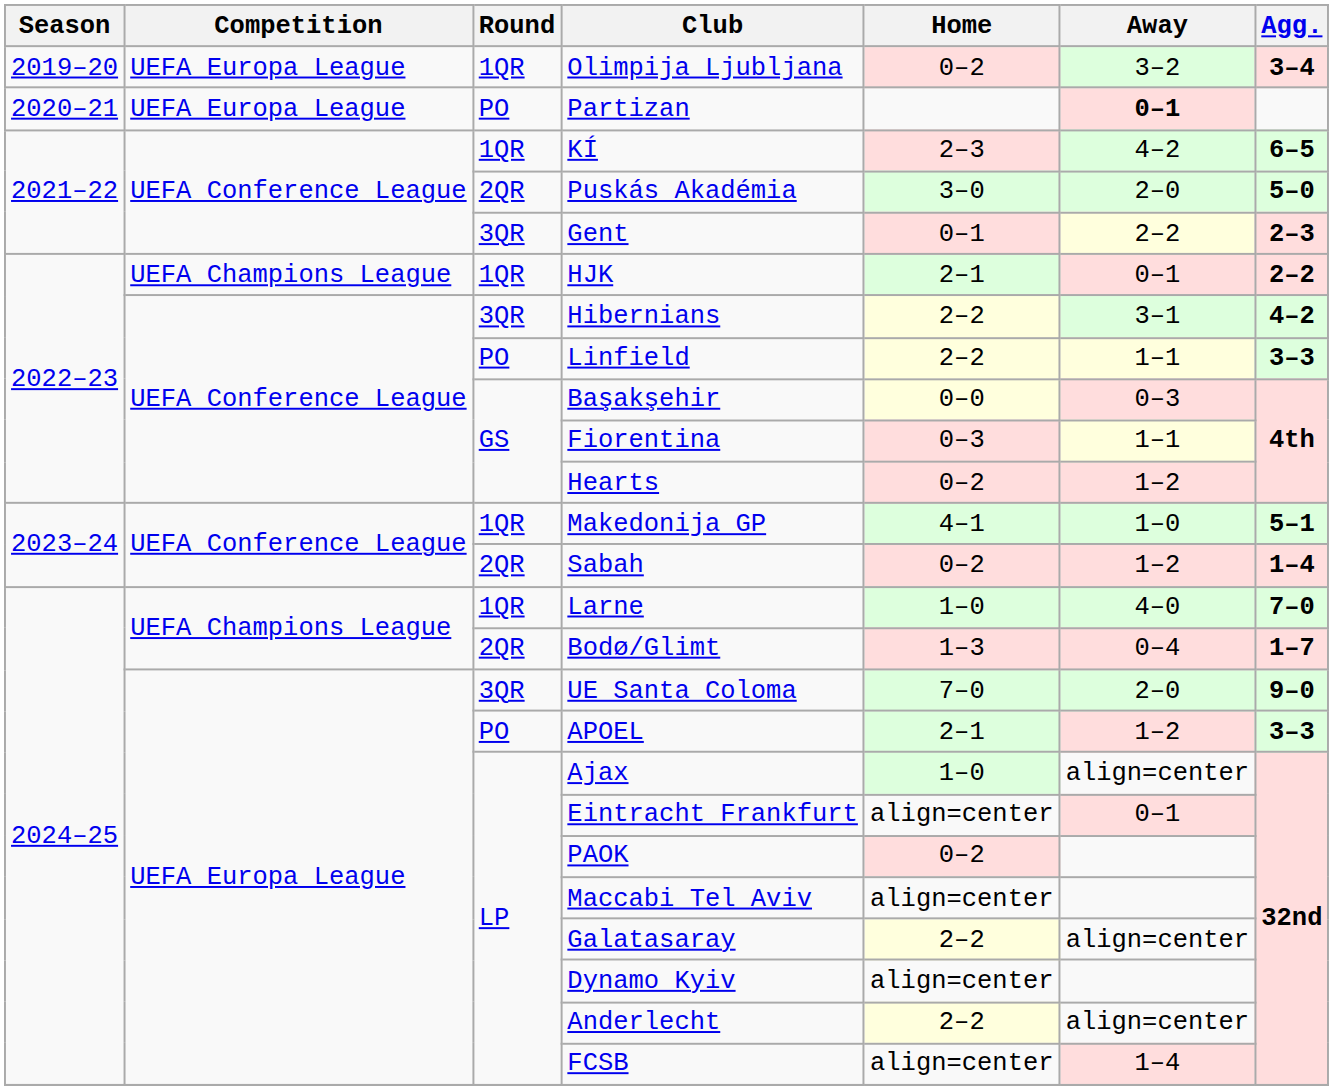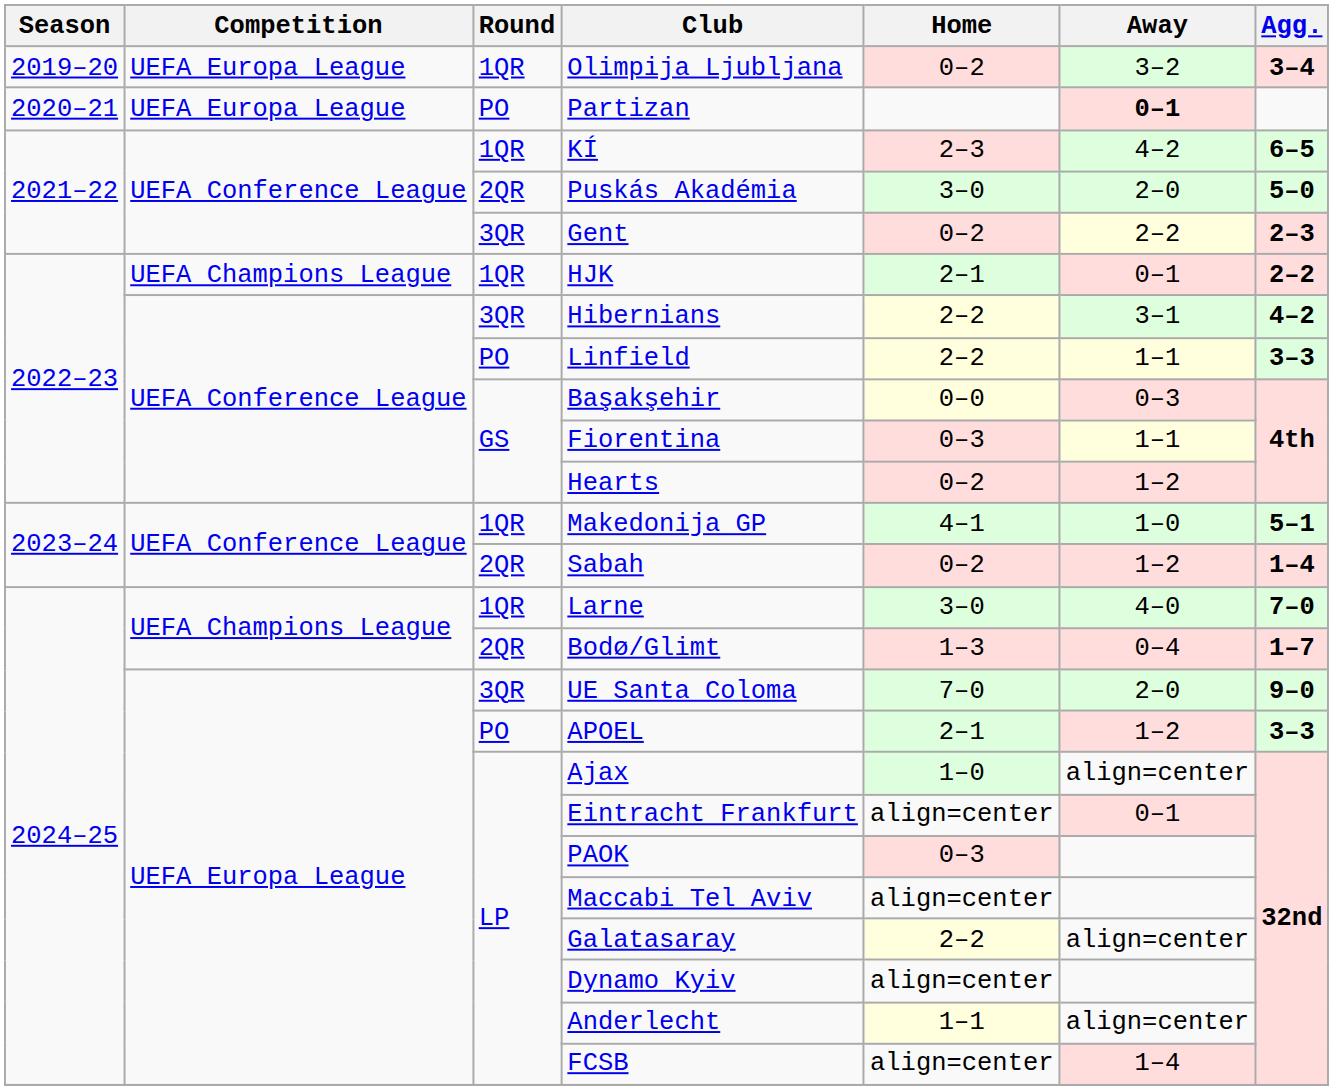 <table class="wikitable mw-collapsible mw-collapsed">
 <tr>
 <th>Season</th>
 <th>Competition</th>
 <th>Round</th>
 <th>Club</th>
 <th>Home</th>
 <th>Away</th>
 <th><a href='#'>Agg.</a></th>
 </tr>
 <tr>
 <td><a href='#'>2019–20</a></td>
 <td><a href='#'>UEFA Europa League</a></td>
 <td><a href='#'>1QR</a></td>
 <td> <a href='#'>Olimpija Ljubljana</a></td>
 <td style="text-align:center;" bgcolor="#FFDDDD">0–2</td>
 <td style="text-align:center;" bgcolor="#DDFFDD">3–2</td>
 <td style="text-align:center;" bgcolor="#FFDDDD"><strong>3–4</strong></td>
 </tr>
 <tr>
 <td><a href='#'>2020–21</a></td>
 <td><a href='#'>UEFA Europa League</a></td>
 <td><a href='#'>PO</a></td>
 <td> <a href='#'>Partizan</a></td>
 <td></td>
 <td style="text-align:center;" bgcolor="#FFDDDD"><strong>0–1</strong></td>
 <td></td>
 </tr>
 <tr>
 <td rowspan="3"><a href='#'>2021–22</a></td>
 <td rowspan="3"><a href='#'>UEFA Conference League</a></td>
 <td><a href='#'>1QR</a></td>
 <td> <a href='#'>KÍ</a></td>
 <td style="text-align:center;" bgcolor="#FFDDDD">2–3</td>
 <td style="text-align:center;" bgcolor="#DDFFDD">4–2 </td>
 <td style="text-align:center;" bgcolor="#DDFFDD"><strong>6–5</strong></td>
 </tr>
 <tr>
 <td><a href='#'>2QR</a></td>
 <td> <a href='#'>Puskás Akadémia</a></td>
 <td style="text-align:center;" bgcolor="#DDFFDD">3–0</td>
 <td style="text-align:center;" bgcolor="#DDFFDD">2–0</td>
 <td style="text-align:center;" bgcolor="#DDFFDD"><strong>5–0</strong></td>
 </tr>
 <tr>
 <td><a href='#'>3QR</a></td>
 <td> <a href='#'>Gent</a></td>
-<td style="text-align:center;" bgcolor="#FFDDDD">0–1</td>
+<td style="text-align:center;" bgcolor="#FFDDDD">0–2</td>
 <td style="text-align:center;" bgcolor="#FFFFDD">2–2</td>
 <td style="text-align:center;" bgcolor="#FFDDDD"><strong>2–3</strong></td>
 </tr>
 <tr>
 <td rowspan="6"><a href='#'>2022–23</a></td>
 <td><a href='#'>UEFA Champions League</a></td>
 <td><a href='#'>1QR</a></td>
 <td> <a href='#'>HJK</a></td>
 <td style="text-align:center;" bgcolor="#DDFFDD">2–1 </td>
 <td style="text-align:center;" bgcolor="#FFDDDD">0–1</td>
 <td style="text-align:center;" bgcolor="#FFDDDD"><strong>2–2 </strong></td>
 </tr>
 <tr>
 <td rowspan="5"><a href='#'>UEFA Conference League</a></td>
 <td><a href='#'>3QR</a></td>
 <td> <a href='#'>Hibernians</a></td>
 <td style="text-align:center;" bgcolor="#FFFFDD">2–2</td>
 <td style="text-align:center;" bgcolor="#DDFFDD">3–1</td>
 <td style="text-align:center;" bgcolor="#DDFFDD"><strong>4–2</strong></td>
 </tr>
 <tr>
 <td><a href='#'>PO</a></td>
 <td> <a href='#'>Linfield</a></td>
 <td style="text-align:center;" bgcolor="#FFFFDD">2–2</td>
 <td style="text-align:center;" bgcolor="#FFFFDD">1–1 </td>
 <td style="text-align:center;" bgcolor="#DDFFDD"><strong>3–3 </strong></td>
 </tr>
 <tr>
 <td rowspan="3"><a href='#'>GS</a></td>
 <td> <a href='#'>Başakşehir</a></td>
 <td style="text-align:center;"bgcolor="#FFFFDD">0–0</td>
 <td style="text-align:center;"bgcolor="#FFDDDD">0–3</td>
 <td rowspan="3" style="text-align:center;"bgcolor="#FFDDDD"><strong>4th</strong></td>
 </tr>
 <tr>
 <td> <a href='#'>Fiorentina</a></td>
 <td style="text-align:center;"bgcolor="#FFDDDD">0–3</td>
 <td style="text-align:center;"bgcolor="#FFFFDD">1–1</td>
 </tr>
 <tr>
 <td> <a href='#'>Hearts</a></td>
 <td style="text-align:center;" bgcolor="#FFDDDD">0–2</td>
 <td style="text-align:center;" bgcolor="#FFDDDD">1–2</td>
 </tr>
 <tr>
 <td rowspan="2"><a href='#'>2023–24</a></td>
 <td rowspan="2"><a href='#'>UEFA Conference League</a></td>
 <td><a href='#'>1QR</a></td>
 <td> <a href='#'>Makedonija GP</a></td>
 <td style="text-align:center;" bgcolor="#DDFFDD">4–1</td>
 <td style="text-align:center;" bgcolor="#DDFFDD">1–0</td>
 <td style="text-align:center;" bgcolor="#DDFFDD"><strong>5–1</strong></td>
 </tr>
 <tr>
 <td><a href='#'>2QR</a></td>
 <td> <a href='#'>Sabah</a></td>
 <td style="text-align:center;" bgcolor="#FFDDDD">0–2</td>
 <td style="text-align:center;" bgcolor="#FFDDDD">1–2</td>
 <td style="text-align:center;" bgcolor="#FFDDDD"><strong>1–4</strong></td>
 </tr>
 <tr>
 <td rowspan="12"><a href='#'>2024–25</a></td>
 <td rowspan="2"><a href='#'>UEFA Champions League</a></td>
 <td><a href='#'>1QR</a></td>
 <td> <a href='#'>Larne</a></td>
-<td style="text-align:center;" bgcolor="#DDFFDD">1–0</td>
+<td style="text-align:center;" bgcolor="#DDFFDD">3–0</td>
 <td style="text-align:center;" bgcolor="#DDFFDD">4–0</td>
 <td style="text-align:center;" bgcolor="#DDFFDD"><strong>7–0</strong></td>
 </tr>
 <tr>
 <td><a href='#'>2QR</a></td>
 <td> <a href='#'>Bodø/Glimt</a></td>
 <td style="text-align:center;" bgcolor="#FFDDDD">1–3</td>
 <td style="text-align:center;" bgcolor="#FFDDDD">0–4</td>
 <td style="text-align:center;" bgcolor="#FFDDDD"><strong>1–7</strong></td>
 </tr>
 <tr>
 <td rowspan="10"><a href='#'>UEFA Europa League</a></td>
 <td><a href='#'>3QR</a></td>
 <td> <a href='#'>UE Santa Coloma</a></td>
 <td style="text-align:center;" bgcolor="#DDFFDD">7–0</td>
 <td style="text-align:center;" bgcolor="#DDFFDD">2–0</td>
 <td style="text-align:center;" bgcolor="#DDFFDD"><strong>9–0</strong></td>
 </tr>
 <tr>
 <td><a href='#'>PO</a></td>
 <td> <a href='#'>APOEL</a></td>
 <td style="text-align:center;" bgcolor="#DDFFDD">2–1</td>
 <td style="text-align:center;" bgcolor="#FFDDDD">1–2 </td>
 <td style="text-align:center;" bgcolor="#DDFFDD"><strong>3–3 </strong></td>
 </tr>
 <tr>
 <td rowspan="8"><a href='#'>LP</a></td>
 <td> <a href='#'>Ajax</a></td>
 <td style="text-align:center;" bgcolor="#DDFFDD">1–0</td>
 <td>align=center </td>
 <td rowspan="8" style="text-align:center;"bgcolor="#FFDDDD"><strong>32nd</strong></td>
 </tr>
 <tr>
 <td> <a href='#'>Eintracht Frankfurt</a></td>
 <td>align=center </td>
 <td style="text-align:center;" bgcolor="#FFDDDD">0–1</td>
 </tr>
 <tr>
 <td> <a href='#'>PAOK</a></td>
-<td style="text-align:center;" bgcolor="#FFDDDD">0–2</td>
+<td style="text-align:center;"bgcolor="#FFDDDD">0–3</td>
 <td></td>
 </tr>
 <tr>
 <td> <a href='#'>Maccabi Tel Aviv</a></td>
 <td>align=center </td>
 <td></td>
 </tr>
 <tr>
 <td> <a href='#'>Galatasaray</a></td>
 <td style="text-align:center;" bgcolor="#FFFFDD">2–2</td>
 <td>align=center </td>
 </tr>
 <tr>
 <td> <a href='#'>Dynamo Kyiv</a></td>
 <td>align=center </td>
 <td></td>
 </tr>
 <tr>
 <td> <a href='#'>Anderlecht</a></td>
-<td style="text-align:center;" bgcolor="#FFFFDD">2–2</td>
+<td style="text-align:center;" bgcolor="#FFFFDD">1–1</td>
 <td>align=center </td>
 </tr>
 <tr>
 <td> <a href='#'>FCSB</a></td>
 <td>align=center </td>
 <td style="text-align:center;" bgcolor="#FFDDDD">1–4</td>
 </tr>
 <tr>
 </tr>
 </table>
